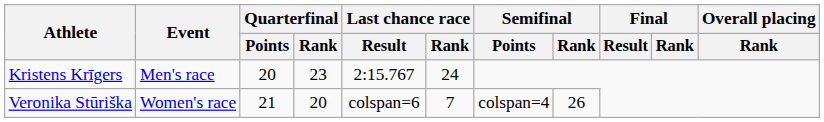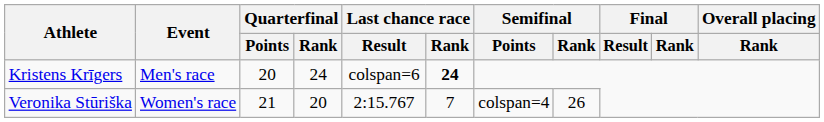 <table class="wikitable" style="font-size:90%;">
 <tr>
 <th rowspan=2>Athlete</th>
 <th rowspan=2>Event</th>
 <th colspan=2>Quarterfinal</th>
 <th colspan=2>Last chance race</th>
 <th colspan=2>Semifinal</th>
 <th colspan=2>Final</th>
 <th colspan=1>Overall placing</th>
 </tr>
 <tr style="font-size:95%">
 <th>Points</th>
 <th>Rank</th>
 <th>Result</th>
 <th>Rank</th>
 <th>Points</th>
 <th>Rank</th>
 <th>Result</th>
 <th>Rank</th>
 <th>Rank</th>
 </tr>
 <tr align=center>
 <td align=left><a href='#'>Kristens Krīgers</a></td>
 <td align=left><a href='#'>Men's race</a></td>
 <td>20</td>
-<td>23</td>
-<td>2:15.767</td>
 <td>24</td>
+<td>colspan=6 </td>
+<td><strong>24</strong></td>
 </tr>
 <tr align=center>
 <td align=left><a href='#'>Veronika Stūriška</a></td>
 <td align=left><a href='#'>Women's race</a></td>
 <td>21</td>
 <td>20</td>
-<td>colspan=6 </td>
+<td>2:15.767</td>
 <td>7</td>
 <td>colspan=4 </td>
 <td>26</td>
 </tr>
 </table>
